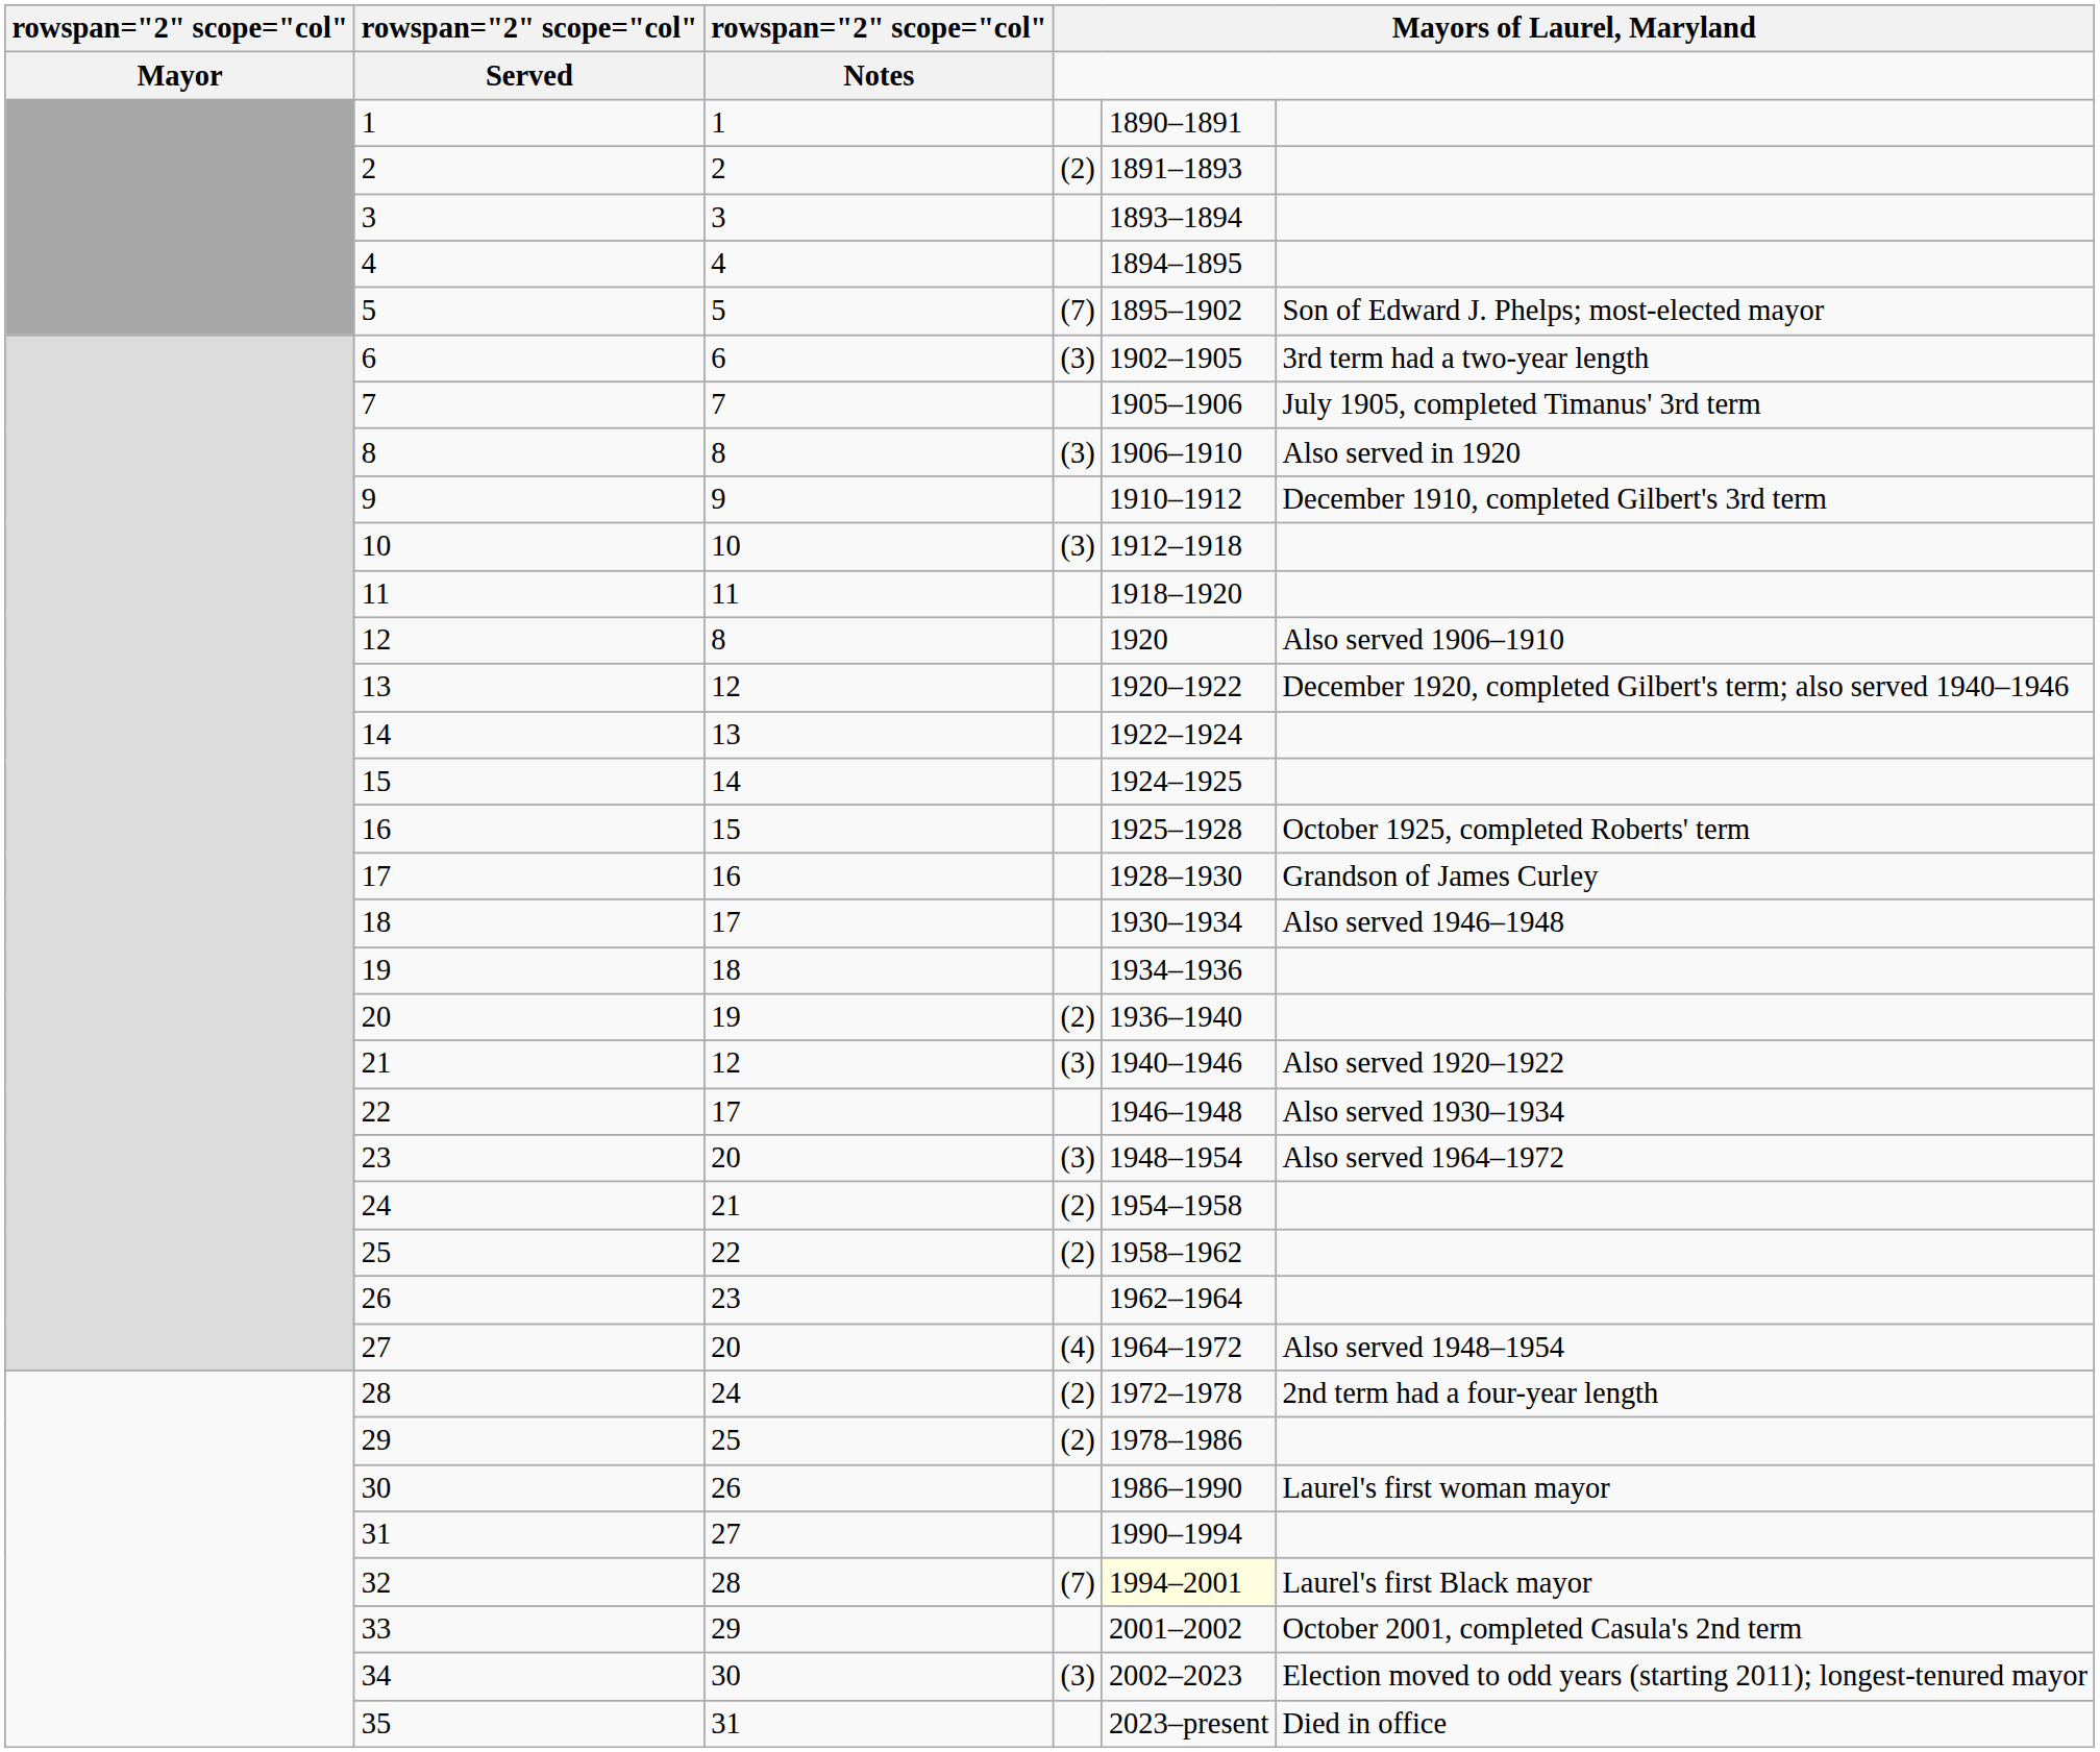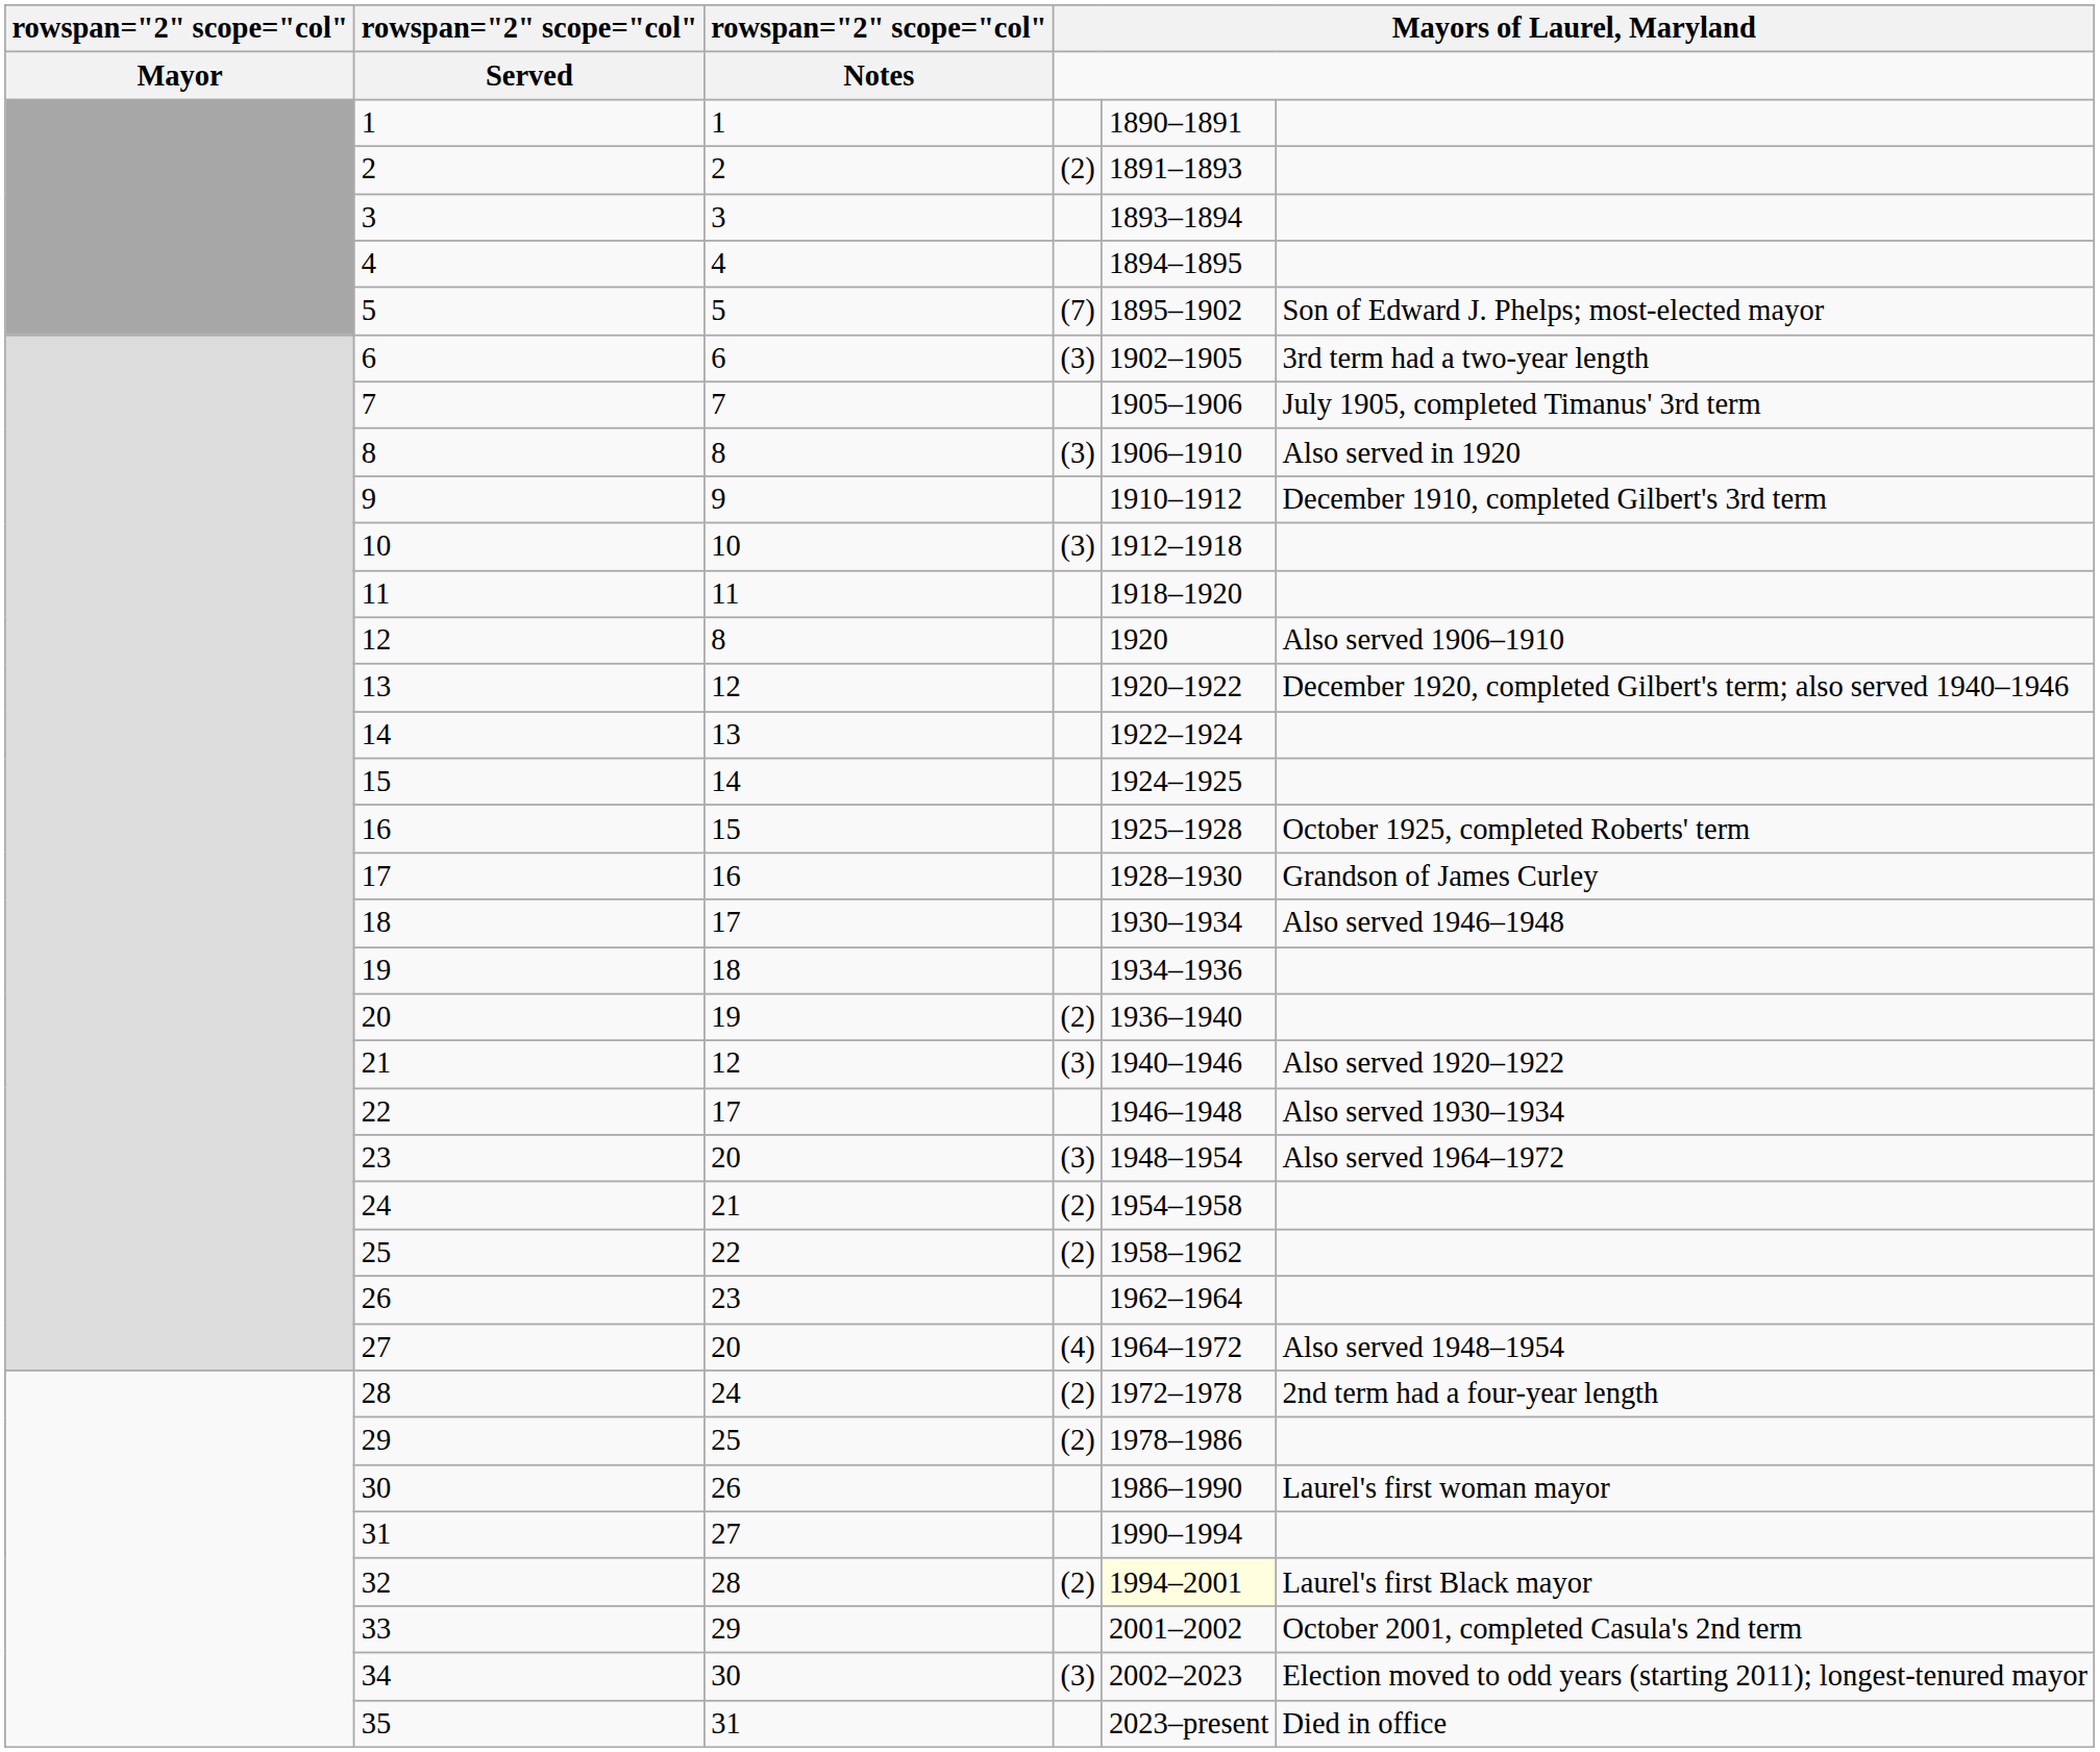 <table class="wikitable sortable sticky-header-multi">
 <tr>
 <th>rowspan="2" scope="col" </th>
 <th>rowspan="2" scope="col" </th>
 <th>rowspan="2" scope="col" </th>
 <th colspan="3" class="unsortable">Mayors of Laurel, Maryland</th>
 </tr>
 <tr>
 <th scope="col">Mayor</th>
 <th scope="col">Served</th>
 <th scope="col" class="unsortable">Notes</th>
 </tr>
 <tr>
 <td rowspan="6" bgcolor="#A7A7A7" valign="top"></td>
 <td>1</td>
 <td>1</td>
 <td></td>
 <td>1890–1891</td>
 <td></td>
 </tr>
 <tr>
 <td>2</td>
 <td>2</td>
 <td> (2)</td>
 <td>1891–1893</td>
 <td></td>
 </tr>
 <tr>
 <td>3</td>
 <td>3</td>
 <td></td>
 <td>1893–1894</td>
 <td></td>
 </tr>
 <tr>
 <td>4</td>
 <td>4</td>
 <td></td>
 <td>1894–1895</td>
 <td></td>
 </tr>
 <tr>
 <td>5</td>
 <td>5</td>
 <td> (7)</td>
 <td>1895–1902</td>
 <td>Son of Edward J. Phelps; most-elected mayor</td>
 </tr>
 <tr>
 <td rowspan="2">6</td>
 <td rowspan="2">6</td>
 <td rowspan="2"> (3)</td>
 <td rowspan="2">1902–1905</td>
 <td rowspan="2">3rd term had a two-year length</td>
 </tr>
 <tr>
 <td rowspan="23" bgcolor="gainsboro "valign="top"></td>
 </tr>
 <tr>
 <td>7</td>
 <td>7</td>
 <td></td>
 <td>1905–1906</td>
 <td>July 1905, completed Timanus' 3rd term</td>
 </tr>
 <tr>
 <td>8</td>
 <td>8</td>
 <td> (3)</td>
 <td>1906–1910</td>
 <td>Also served in 1920</td>
 </tr>
 <tr>
 <td>9</td>
 <td>9</td>
 <td></td>
 <td>1910–1912</td>
 <td>December 1910, completed Gilbert's 3rd term</td>
 </tr>
 <tr>
 <td>10</td>
 <td>10</td>
 <td> (3)</td>
 <td>1912–1918</td>
 <td></td>
 </tr>
 <tr>
 <td>11</td>
 <td>11</td>
 <td></td>
 <td>1918–1920</td>
 <td></td>
 </tr>
 <tr>
 <td>12</td>
 <td>8</td>
 <td></td>
 <td>1920</td>
 <td>Also served 1906–1910</td>
 </tr>
 <tr>
 <td>13</td>
 <td>12</td>
 <td></td>
 <td>1920–1922</td>
 <td>December 1920, completed Gilbert's term; also served 1940–1946</td>
 </tr>
 <tr>
 <td>14</td>
 <td>13</td>
 <td></td>
 <td>1922–1924</td>
 <td></td>
 </tr>
 <tr>
 <td>15</td>
 <td>14</td>
 <td></td>
 <td>1924–1925</td>
 <td></td>
 </tr>
 <tr>
 <td>16</td>
 <td>15</td>
 <td></td>
 <td>1925–1928</td>
 <td>October 1925, completed Roberts' term</td>
 </tr>
 <tr>
 <td>17</td>
 <td>16</td>
 <td></td>
 <td>1928–1930</td>
 <td>Grandson of James Curley</td>
 </tr>
 <tr>
 <td>18</td>
 <td>17</td>
 <td></td>
 <td>1930–1934</td>
 <td>Also served 1946–1948</td>
 </tr>
 <tr>
 <td>19</td>
 <td>18</td>
 <td></td>
 <td>1934–1936</td>
 <td></td>
 </tr>
 <tr>
 <td>20</td>
 <td>19</td>
 <td> (2)</td>
 <td>1936–1940</td>
 <td></td>
 </tr>
 <tr>
 <td>21</td>
 <td>12</td>
 <td> (3)</td>
 <td>1940–1946</td>
 <td>Also served 1920–1922</td>
 </tr>
 <tr>
 <td>22</td>
 <td>17</td>
 <td></td>
 <td>1946–1948</td>
 <td>Also served 1930–1934</td>
 </tr>
 <tr>
 <td>23</td>
 <td>20</td>
 <td> (3)</td>
 <td>1948–1954</td>
 <td>Also served 1964–1972</td>
 </tr>
 <tr>
 <td>24</td>
 <td>21</td>
 <td> (2)</td>
 <td>1954–1958</td>
 <td></td>
 </tr>
 <tr>
 <td>25</td>
 <td>22</td>
 <td> (2)</td>
 <td>1958–1962</td>
 <td></td>
 </tr>
 <tr>
 <td>26</td>
 <td>23</td>
 <td></td>
 <td>1962–1964</td>
 <td></td>
 </tr>
 <tr>
 <td>27</td>
 <td>20</td>
 <td> (4)</td>
 <td>1964–1972</td>
 <td>Also served 1948–1954</td>
 </tr>
 <tr>
 <td rowspan="2">28</td>
 <td rowspan="2">24</td>
 <td rowspan="2"> (2)</td>
 <td rowspan="2">1972–1978</td>
 <td rowspan="2">2nd term had a four-year length</td>
 </tr>
 <tr>
 <td rowspan="8" valign="top"></td>
 </tr>
 <tr>
 <td>29</td>
 <td>25</td>
 <td> (2)</td>
 <td>1978–1986</td>
 <td></td>
 </tr>
 <tr>
 <td>30</td>
 <td>26</td>
 <td></td>
 <td>1986–1990</td>
 <td>Laurel's first woman mayor</td>
 </tr>
 <tr>
 <td>31</td>
 <td>27</td>
 <td></td>
 <td>1990–1994</td>
 <td></td>
 </tr>
 <tr>
 <td>32</td>
 <td>28</td>
-<td> (7)</td>
+<td> (2)</td>
 <td style="background: lightyellow;">1994–2001</td>
 <td>Laurel's first Black mayor</td>
 </tr>
 <tr>
 <td>33</td>
 <td>29</td>
 <td></td>
 <td>2001–2002</td>
 <td>October 2001, completed Casula's 2nd term</td>
 </tr>
 <tr>
 <td>34</td>
 <td>30</td>
 <td> (3)</td>
 <td>2002–2023</td>
 <td>Election moved to odd years (starting 2011); longest-tenured mayor</td>
 </tr>
 <tr>
 <td>35</td>
 <td>31</td>
 <td></td>
 <td>2023–present</td>
 <td>Died in office</td>
 </tr>
 </table>
